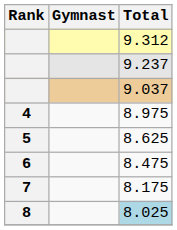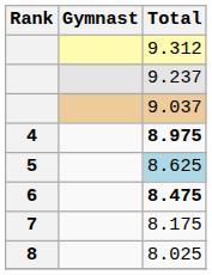 <table class="wikitable sortable" style="text-align:center; font-size:95%">
 <tr>
 <th scope=col>Rank</th>
 <th scope=col>Gymnast</th>
 <th scope=col>Total</th>
 </tr>
 <tr bgcolor=fffcaf>
 <th scope=row style="text-align:center"></th>
 <td align=left></td>
 <td>9.312</td>
 </tr>
 <tr bgcolor=e5e5e5>
 <th scope=row style="text-align:center"></th>
 <td align=left></td>
 <td>9.237</td>
 </tr>
 <tr bgcolor=eecc99>
 <th scope=row style="text-align:center"></th>
 <td align=left></td>
 <td>9.037</td>
 </tr>
 <tr>
 <th scope=row style="text-align:center">4</th>
 <td align=left></td>
-<td>8.975</td>
+<td><strong>8.975</strong></td>
 </tr>
 <tr>
 <th scope=row style="text-align:center">5</th>
 <td align=left></td>
-<td>8.625</td>
+<td style="background: lightblue;">8.625</td>
 </tr>
 <tr>
 <th scope=row style="text-align:center">6</th>
 <td align=left></td>
-<td>8.475</td>
+<td><strong>8.475</strong></td>
 </tr>
 <tr>
 <th scope=row style="text-align:center">7</th>
 <td align=left></td>
 <td>8.175</td>
 </tr>
 <tr>
 <th scope=row style="text-align:center">8</th>
 <td align=left></td>
-<td style="background: lightblue;">8.025</td>
+<td>8.025</td>
 </tr>
 <tr>
 </tr>
 </table>
